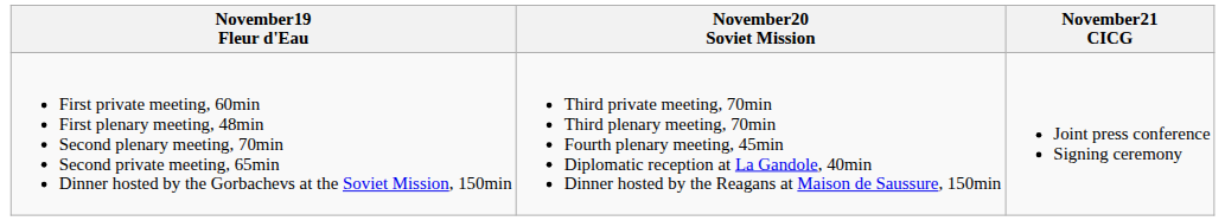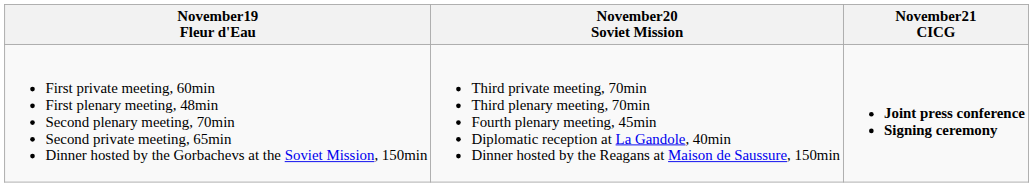 <table class="wikitable" style="margin-left: auto; margin-right: auto; border: none;">
 <tr>
 <th>November19<br>Fleur d'Eau</th>
 <th>November20<br>Soviet Mission</th>
 <th>November21<br>CICG</th>
 </tr>
 <tr>
 <td><br><ul><li>First private meeting, 60min</li><li>First plenary meeting, 48min</li><li>Second plenary meeting, 70min</li><li>Second private meeting, 65min</li><li>Dinner hosted by the Gorbachevs at the <a href='#'>Soviet Mission</a>, 150min</li></ul></td>
 <td><br><ul><li>Third private meeting, 70min</li><li>Third plenary meeting, 70min</li><li>Fourth plenary meeting, 45min</li><li>Diplomatic reception at <a href='#'>La Gandole</a>, 40min</li><li>Dinner hosted by the Reagans at <a href='#'>Maison de Saussure</a>, 150min</li></ul></td>
-<td><br><ul><li>Joint press conference</li><li>Signing ceremony</li></ul></td>
+<td><strong><br><ul><li>Joint press conference</li><li>Signing ceremony</li></ul></strong></td>
 </tr>
 <tr>
 </tr>
 </table>
